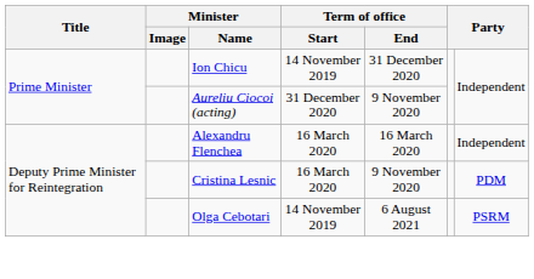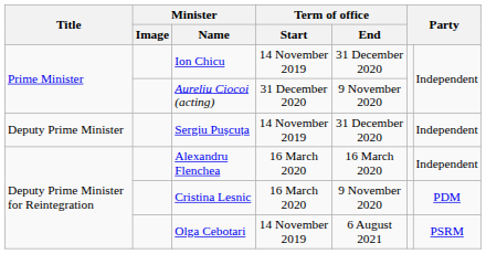 <table class="wikitable sortable">
 <tr>
 <th rowspan="2">Title</th>
 <th colspan="2">Minister</th>
 <th colspan="2">Term of office</th>
 <th rowspan="2" colspan="2">Party</th>
 </tr>
 <tr>
 <th class="unsortable">Image</th>
 <th>Name</th>
 <th data-sort-type=date>Start</th>
 <th data-sort-type=date>End</th>
 </tr>
 <tr>
 <td rowspan="2"><a href='#'>Prime Minister</a></td>
 <td></td>
 <td><a href='#'>Ion Chicu</a></td>
 <td style="text-align:center">14 November 2019</td>
 <td style="text-align:center">31 December 2020</td>
 <td rowspan="2" style="color:inherit;background:"></td>
 <td rowspan="2" style="text-align:center">Independent</td>
 </tr>
 <tr>
 <td></td>
 <td><em><a href='#'>Aureliu Ciocoi</a> (acting)</em></td>
 <td style="text-align:center">31 December 2020</td>
 <td style="text-align:center">9 November 2020</td>
 </tr>
 <tr>
+<td>Deputy Prime Minister</td>
+<td></td>
+<td><a href='#'>Sergiu Pușcuța</a></td>
+<td style="text-align:center">14 November 2019</td>
+<td style="text-align:center">31 December 2020</td>
+<td style="color:inherit;background:"></td>
+<td style="text-align:center">Independent</td>
+</tr>
+<tr>
 <td rowspan="3">Deputy Prime Minister for Reintegration</td>
 <td></td>
 <td><a href='#'>Alexandru Flenchea</a></td>
 <td style="text-align:center">16 March 2020</td>
 <td style="text-align:center">16 March 2020</td>
 <td style="color:inherit;background:"></td>
 <td style="text-align:center">Independent</td>
 </tr>
 <tr>
 <td></td>
 <td><a href='#'>Cristina Lesnic</a></td>
 <td style="text-align:center">16 March 2020</td>
 <td style="text-align:center">9 November 2020</td>
 <td style="color:inherit;background:"></td>
 <td style="text-align:center"><a href='#'>PDM</a></td>
 </tr>
 <tr>
 <td></td>
 <td><a href='#'>Olga Cebotari</a></td>
 <td style="text-align:center">14 November 2019</td>
 <td style="text-align:center">6 August 2021</td>
 <td style="color:inherit;background:"></td>
 <td style="text-align:center"><a href='#'>PSRM</a></td>
 </tr>
 </table>
